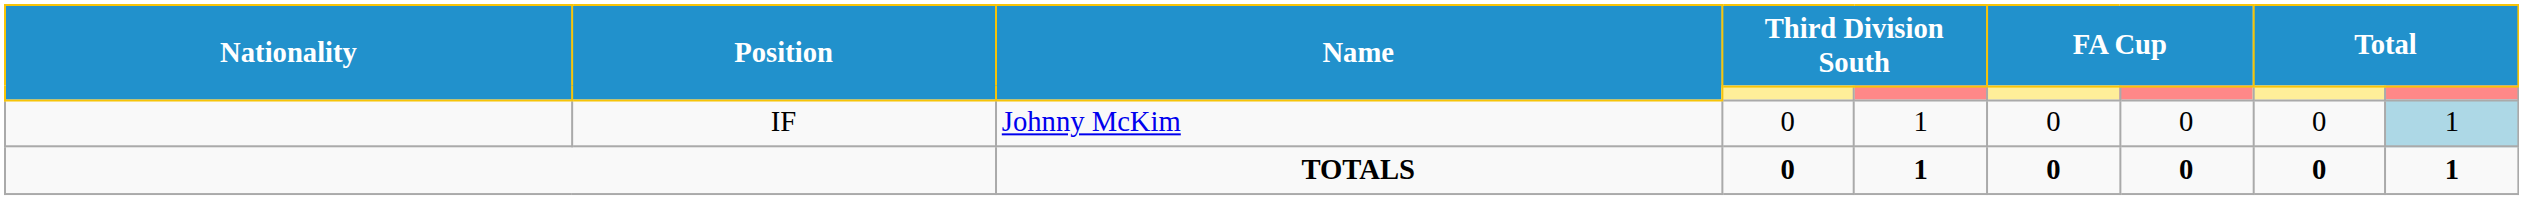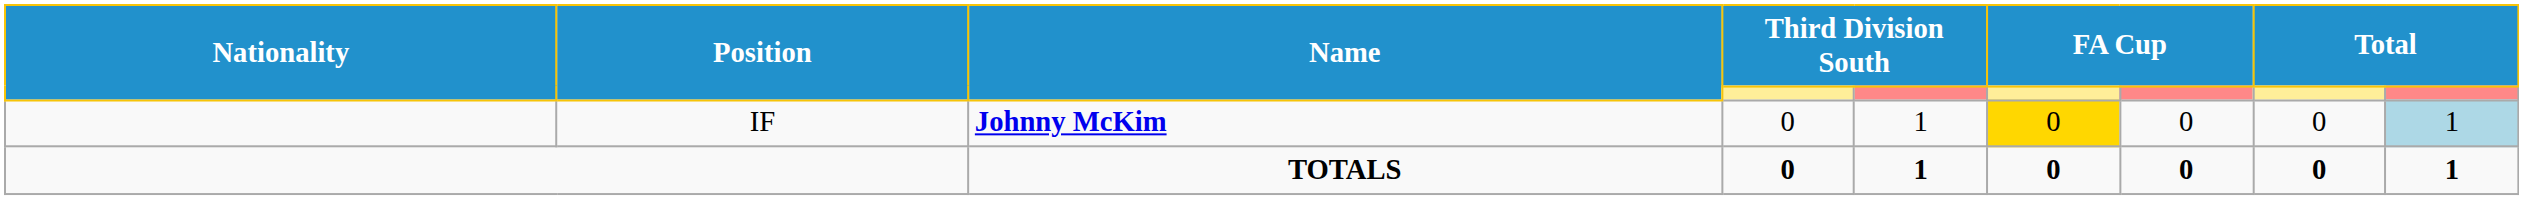 <table class="wikitable" style="text-align:center; font-size:90%; width:100%;">
 <tr>
 <th rowspan="2" style="background:#2191CC; color:white; border:1px solid #F7C408; text-align:center;">Nationality</th>
 <th rowspan="2" style="background:#2191CC; color:white; border:1px solid #F7C408; text-align:center;">Position</th>
 <th rowspan="2" style="background:#2191CC; color:white; border:1px solid #F7C408; text-align:center;">Name</th>
 <th colspan="2" style="background:#2191CC; color:white; border:1px solid #F7C408; text-align:center;">Third Division South</th>
 <th colspan="2" style="background:#2191CC; color:white; border:1px solid #F7C408; text-align:center;">FA Cup</th>
 <th colspan="2" style="background:#2191CC; color:white; border:1px solid #F7C408; text-align:center;">Total</th>
 </tr>
 <tr>
 <th width=60 style="background: #FFEE99"></th>
 <th width=60 style="background: #FF8888"></th>
 <th width=60 style="background: #FFEE99"></th>
 <th width=60 style="background: #FF8888"></th>
 <th width=60 style="background: #FFEE99"></th>
 <th width=60 style="background: #FF8888"></th>
 </tr>
 <tr>
 <td></td>
 <td>IF</td>
-<td align="left"><a href='#'>Johnny McKim</a></td>
+<td align="left"><strong><a href='#'>Johnny McKim</a></strong></td>
 <td>0</td>
 <td>1</td>
-<td>0</td>
+<td style="background: gold;">0</td>
 <td>0</td>
 <td>0</td>
 <td style="background: lightblue;">1</td>
 </tr>
 <tr>
 <td colspan="2"></td>
 <td><strong>TOTALS</strong></td>
 <td><strong>0</strong></td>
 <td><strong>1</strong></td>
 <td><strong>0</strong></td>
 <td><strong>0</strong></td>
 <td><strong>0</strong></td>
 <td><strong>1</strong></td>
 </tr>
 </table>
